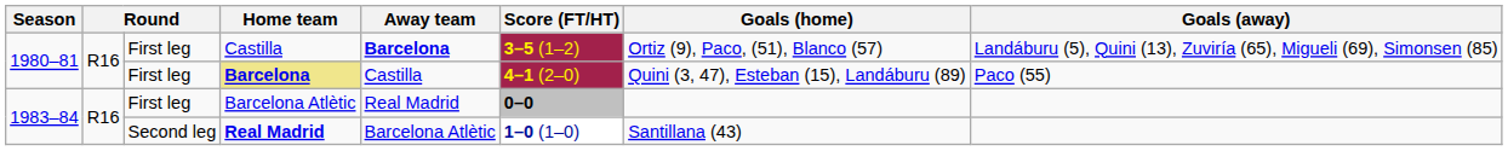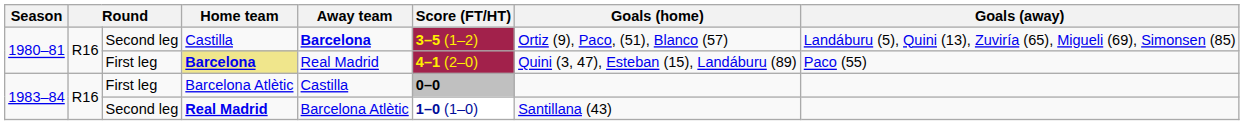 <table class="wikitable" style="margin:0 left; font-size: 11px">
 <tr>
 <th>Season</th>
 <th colspan="2">Round</th>
 <th>Home team</th>
 <th>Away team</th>
 <th>Score (FT/HT)</th>
 <th>Goals (home)</th>
 <th>Goals (away)</th>
 </tr>
 <tr>
 <td rowspan="2"><a href='#'>1980–81</a></td>
 <td rowspan="2">R16</td>
-<td>First leg</td>
+<td>Second leg</td>
 <td><a href='#'>Castilla</a></td>
 <td><strong><a href='#'>Barcelona</a></strong></td>
 <td style="color:#fff000; background:#A2214B"><strong>3–5</strong> (1–2)</td>
 <td><a href='#'>Ortiz</a> (9), <a href='#'>Paco</a>, (51), <a href='#'>Blanco</a> (57)</td>
 <td><a href='#'>Landáburu</a> (5), <a href='#'>Quini</a> (13), <a href='#'>Zuviría</a> (65), <a href='#'>Migueli</a> (69), <a href='#'>Simonsen</a> (85)</td>
 </tr>
 <tr>
 <td>First leg</td>
 <td style="background: khaki;"><strong><a href='#'>Barcelona</a></strong></td>
-<td><a href='#'>Castilla</a></td>
+<td><a href='#'>Real Madrid</a></td>
 <td style="color:#fff000; background:#A2214B"><strong>4–1</strong> (2–0)</td>
 <td><a href='#'>Quini</a> (3, 47), <a href='#'>Esteban</a> (15), <a href='#'>Landáburu</a> (89)</td>
 <td><a href='#'>Paco</a> (55)</td>
 </tr>
 <tr>
 <td rowspan="2"><a href='#'>1983–84</a></td>
 <td rowspan="2">R16</td>
 <td>First leg</td>
 <td><a href='#'>Barcelona Atlètic</a></td>
-<td><a href='#'>Real Madrid</a></td>
+<td><a href='#'>Castilla</a></td>
 <td style="background:silver;"><strong>0–0</strong></td>
 <td></td>
 <td></td>
 </tr>
 <tr>
 <td>Second leg</td>
 <td><strong><a href='#'>Real Madrid</a></strong></td>
 <td><a href='#'>Barcelona Atlètic</a></td>
 <td style="color:#000c99; background:#fff;"><strong>1–0</strong> (1–0)</td>
 <td><a href='#'>Santillana</a> (43)</td>
 <td></td>
 </tr>
 </table>
